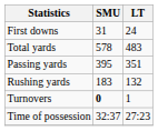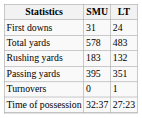 <table class="wikitable">
 <tr>
 <th>Statistics</th>
 <th>SMU</th>
 <th>LT</th>
 </tr>
 <tr>
 <td>First downs</td>
 <td>31</td>
 <td>24</td>
 </tr>
 <tr>
 <td>Total yards</td>
 <td>578</td>
 <td>483</td>
 </tr>
 <tr>
+<td>Rushing yards</td>
+<td>183</td>
+<td>132</td>
+</tr>
+<tr>
 <td>Passing yards</td>
 <td>395</td>
 <td>351</td>
 </tr>
 <tr>
-<td>Rushing yards</td>
-<td>183</td>
-<td>132</td>
-</tr>
-<tr>
 <td>Turnovers</td>
-<td><strong>0</strong></td>
+<td>0</td>
 <td>1</td>
 </tr>
 <tr>
 <td>Time of possession</td>
 <td>32:37</td>
 <td>27:23</td>
 </tr>
 <tr>
 </tr>
 </table>
